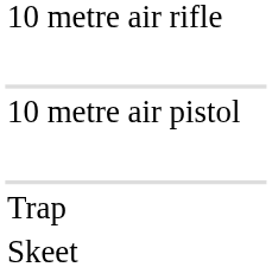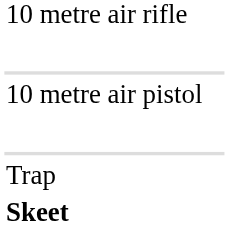 <table>
 <tr>
 <td>10 metre air rifle <br></td>
 <td></td>
 <td></td>
 <td></td>
 </tr>
 <tr>
 <td> <br></td>
 <td></td>
 <td></td>
 <td></td>
 </tr>
 <tr bgcolor=#DDDDDD>
 <td colspan=7></td>
 </tr>
 <tr>
 <td>10 metre air pistol <br></td>
 <td></td>
 <td></td>
 <td></td>
 </tr>
 <tr>
 <td> <br></td>
 <td></td>
 <td></td>
 <td></td>
 </tr>
 <tr bgcolor=#DDDDDD>
 <td colspan=7></td>
 </tr>
 <tr>
 <td>Trap <br></td>
 <td></td>
 <td></td>
 <td></td>
 </tr>
 <tr>
-<td>Skeet <br></td>
+<td><strong>Skeet <br></strong></td>
 <td></td>
 <td></td>
 <td></td>
 </tr>
 </table>
